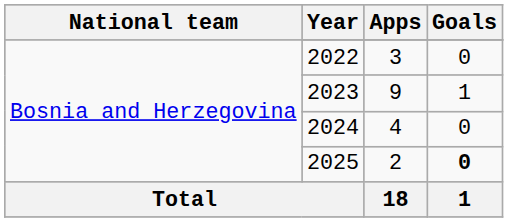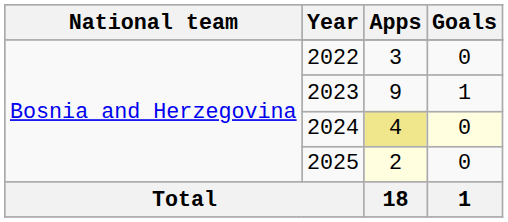 <table class="wikitable" style="text-align:center">
 <tr>
 <th>National team</th>
 <th>Year</th>
 <th>Apps</th>
 <th>Goals</th>
 </tr>
 <tr>
 <td rowspan=5><a href='#'>Bosnia and Herzegovina</a></td>
 </tr>
 <tr>
 <td>2022</td>
 <td>3</td>
 <td>0</td>
 </tr>
 <tr>
 <td>2023</td>
 <td>9</td>
 <td>1</td>
 </tr>
 <tr>
 <td>2024</td>
-<td>4</td>
-<td>0</td>
+<td style="background: khaki;">4</td>
+<td style="background: lightyellow;">0</td>
 </tr>
 <tr>
 <td>2025</td>
-<td>2</td>
-<td><strong>0</strong></td>
+<td style="background: lightyellow;">2</td>
+<td>0</td>
 </tr>
 <tr>
 <th colspan=2>Total</th>
 <th>18</th>
 <th>1</th>
 </tr>
 </table>
